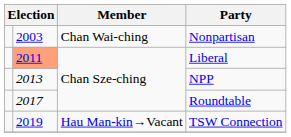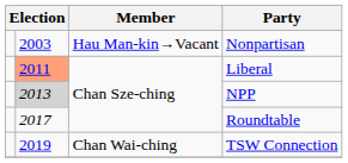 <table class="wikitable">
 <tr>
 <th colspan="2">Election</th>
 <th>Member</th>
 <th>Party</th>
 </tr>
 <tr>
 <td style="color:inherit;background:"></td>
 <td><a href='#'>2003</a></td>
-<td>Chan Wai-ching</td>
+<td><a href='#'>Hau Man-kin</a>→Vacant</td>
 <td><a href='#'>Nonpartisan</a></td>
 </tr>
 <tr>
 <td style="color:inherit;background:"></td>
 <td style="background: lightsalmon;"><a href='#'>2011</a></td>
 <td rowspan=3>Chan Sze-ching</td>
 <td><a href='#'>Liberal</a></td>
 </tr>
 <tr>
 <td style="color:inherit;background:"></td>
-<td><em>2013</em></td>
+<td style="background: lightgrey;"><em>2013</em></td>
 <td><a href='#'>NPP</a></td>
 </tr>
 <tr>
 <td style="color:inherit;background:"></td>
 <td><em>2017</em></td>
 <td><a href='#'>Roundtable</a></td>
 </tr>
 <tr>
 <td style="color:inherit;background:"></td>
 <td><a href='#'>2019</a></td>
-<td><a href='#'>Hau Man-kin</a>→Vacant</td>
+<td>Chan Wai-ching</td>
 <td><a href='#'>TSW Connection</a></td>
 </tr>
 <tr>
 </tr>
 </table>
